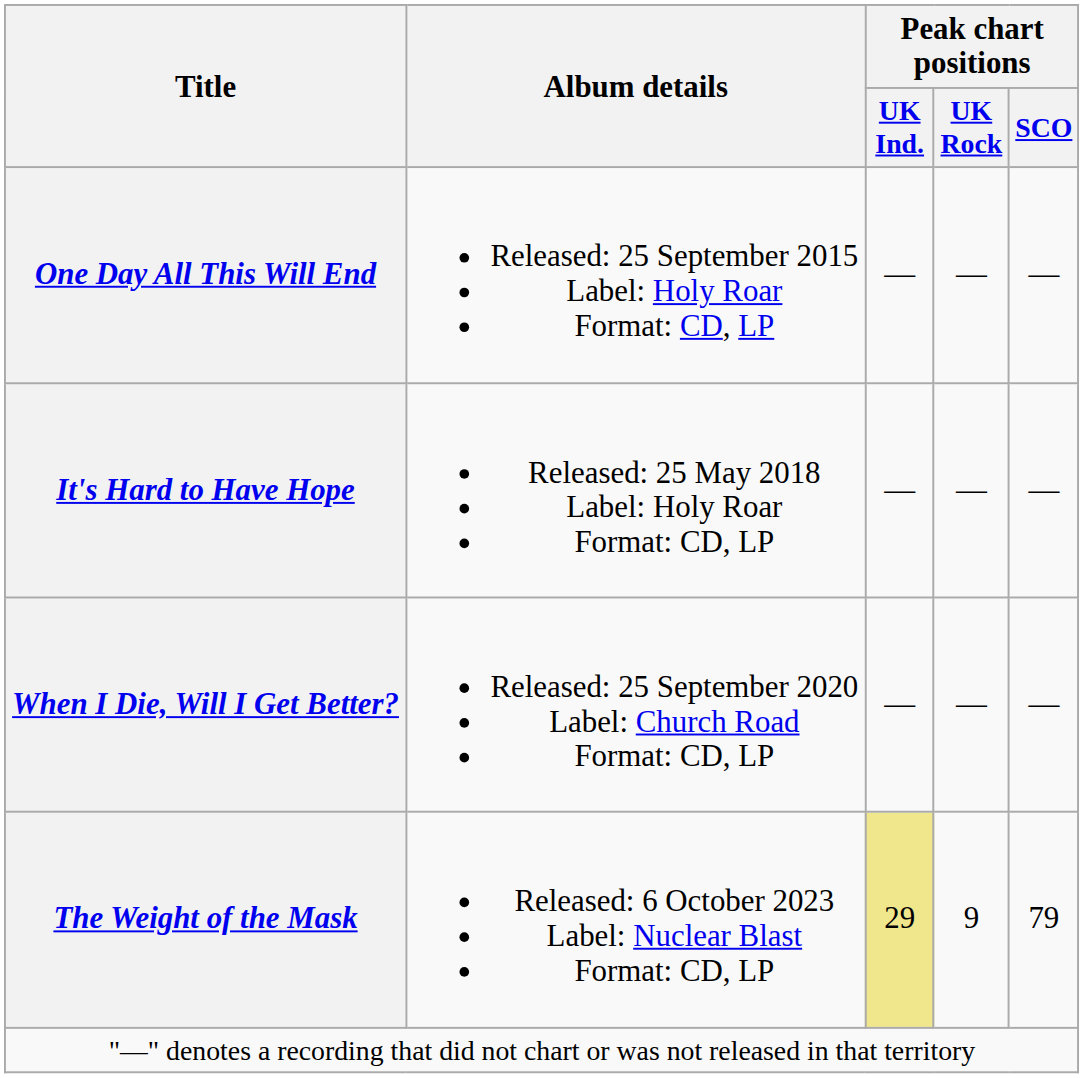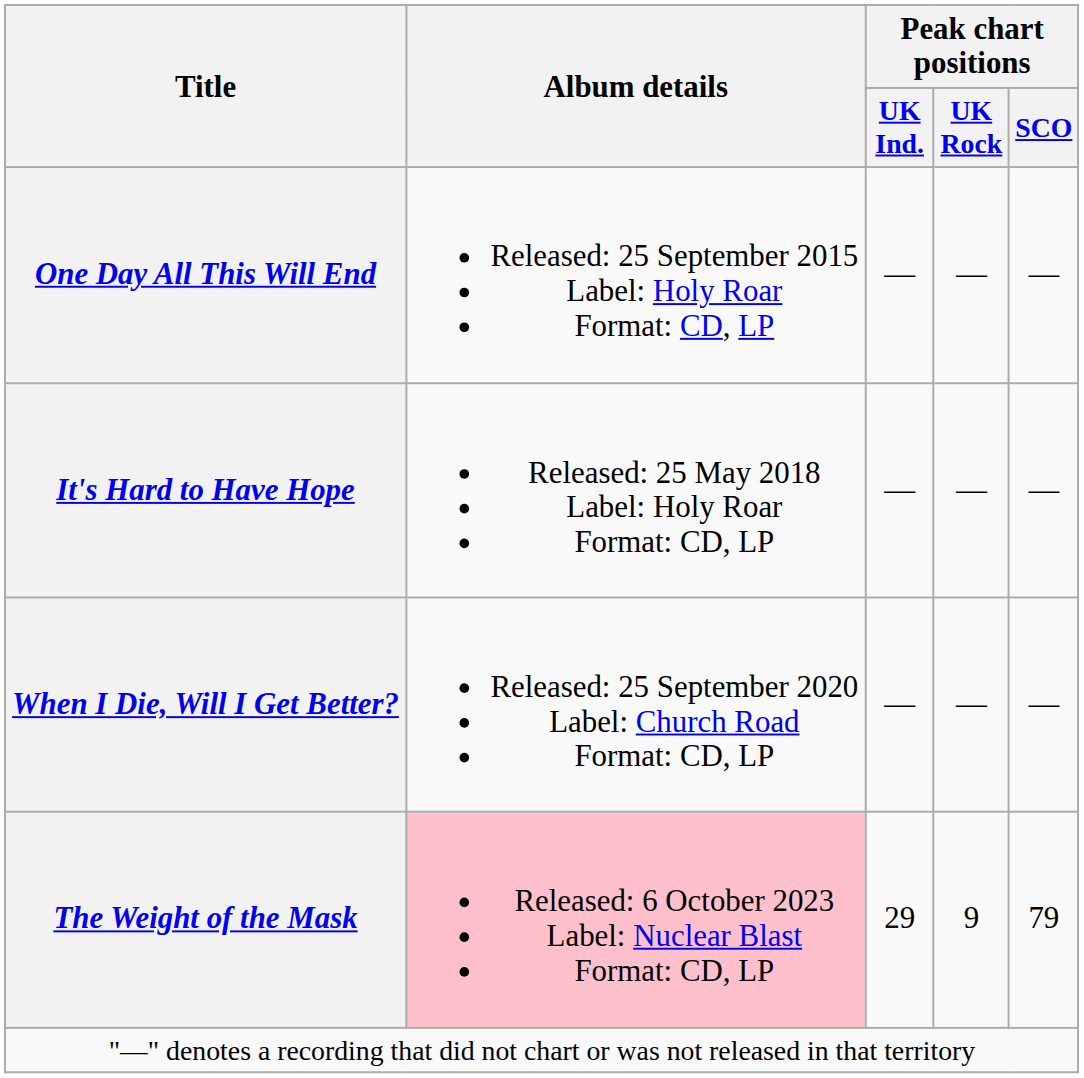 <table class="wikitable plainrowheaders" style="text-align:center;" border="1">
 <tr>
 <th scope="col"  rowspan="2">Title</th>
 <th scope="col"  rowspan="2">Album details</th>
 <th scope="col"  colspan="3"><strong>Peak chart positions</strong></th>
 </tr>
 <tr>
 <th scope="col" style="width:2em;font-size:90%;"><a href='#'>UK<br>Ind.</a><br></th>
 <th scope="col" style="width:2em;font-size:90%;"><a href='#'>UK<br>Rock</a><br></th>
 <th scope="col" style="width:2em;font-size:90%;"><a href='#'>SCO</a><br></th>
 </tr>
 <tr>
 <th scope="row"><em><a href='#'>One Day All This Will End</a></em></th>
 <td><br><ul><li>Released: 25 September 2015</li><li>Label: <a href='#'>Holy Roar</a></li><li>Format: <a href='#'>CD</a>, <a href='#'>LP</a></li></ul></td>
 <td>—</td>
 <td>—</td>
 <td>—</td>
 </tr>
 <tr>
 <th scope="row"><em><a href='#'>It's Hard to Have Hope</a></em></th>
 <td><br><ul><li>Released: 25 May 2018</li><li>Label: Holy Roar</li><li>Format: CD, LP</li></ul></td>
 <td>—</td>
 <td>—</td>
 <td>—</td>
 </tr>
 <tr>
 <th scope="row"><em><a href='#'>When I Die, Will I Get Better?</a></em></th>
 <td><br><ul><li>Released: 25 September 2020</li><li>Label: <a href='#'>Church Road</a></li><li>Format: CD, LP</li></ul></td>
 <td>—</td>
 <td>—</td>
 <td>—</td>
 </tr>
 <tr>
 <th scope="row"><em><a href='#'>The Weight of the Mask</a></em></th>
-<td><br><ul><li>Released: 6 October 2023</li><li>Label: <a href='#'>Nuclear Blast</a></li><li>Format: CD, LP</li></ul></td>
-<td style="background: khaki;">29</td>
+<td style="background: pink;"><br><ul><li>Released: 6 October 2023</li><li>Label: <a href='#'>Nuclear Blast</a></li><li>Format: CD, LP</li></ul></td>
+<td>29</td>
 <td>9</td>
 <td>79</td>
 </tr>
 <tr>
 <td colspan="5" style="font-size:90%">"—" denotes a recording that did not chart or was not released in that territory</td>
 </tr>
 </table>
